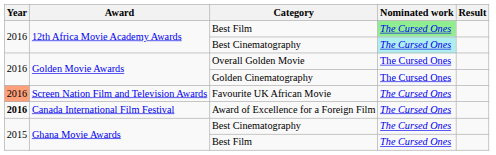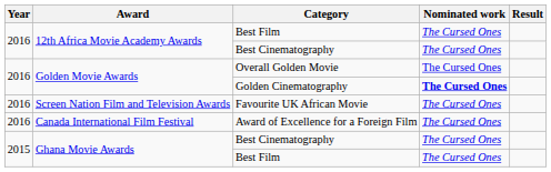 <table class="wikitable sortable">
 <tr>
 <th>Year</th>
 <th>Award</th>
 <th>Category</th>
 <th>Nominated work</th>
 <th>Result</th>
 </tr>
 <tr>
 <td rowspan=2>2016</td>
 <td rowspan=2><a href='#'>12th Africa Movie Academy Awards</a></td>
 <td>Best Film</td>
-<td style="background: lightgreen;"><em><a href='#'>The Cursed Ones</a></em></td>
+<td><em><a href='#'>The Cursed Ones</a></em></td>
 <td></td>
 </tr>
 <tr>
 <td>Best Cinematography</td>
-<td style="background: paleturquoise;"><em><a href='#'>The Cursed Ones</a></em></td>
+<td><em><a href='#'>The Cursed Ones</a></em></td>
 <td></td>
 </tr>
 <tr>
 <td rowspan=2>2016</td>
 <td rowspan=2><a href='#'>Golden Movie Awards</a></td>
 <td>Overall Golden Movie</td>
 <td><a href='#'>The Cursed Ones</a></td>
 <td></td>
 </tr>
 <tr>
 <td>Golden Cinematography</td>
-<td><a href='#'>The Cursed Ones</a></td>
+<td><strong><a href='#'>The Cursed Ones</a></strong></td>
 <td></td>
 </tr>
 <tr>
-<td style="background: lightsalmon;">2016</td>
+<td>2016</td>
 <td><a href='#'>Screen Nation Film and Television Awards</a></td>
 <td>Favourite UK African Movie</td>
 <td><em><a href='#'>The Cursed Ones</a></em></td>
 <td></td>
 </tr>
 <tr>
-<td><strong>2016</strong></td>
+<td>2016</td>
 <td><a href='#'>Canada International Film Festival</a></td>
 <td>Award of Excellence for a Foreign Film</td>
 <td><em><a href='#'>The Cursed Ones</a></em></td>
 <td></td>
 </tr>
 <tr>
 <td rowspan=2>2015</td>
 <td rowspan=2><a href='#'>Ghana Movie Awards</a></td>
 <td>Best Cinematography</td>
 <td><em><a href='#'>The Cursed Ones</a></em></td>
 <td></td>
 </tr>
 <tr>
 <td>Best Film</td>
 <td><em><a href='#'>The Cursed Ones</a></em></td>
 <td></td>
 </tr>
 </table>
